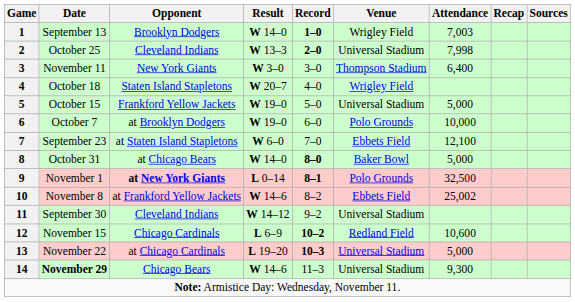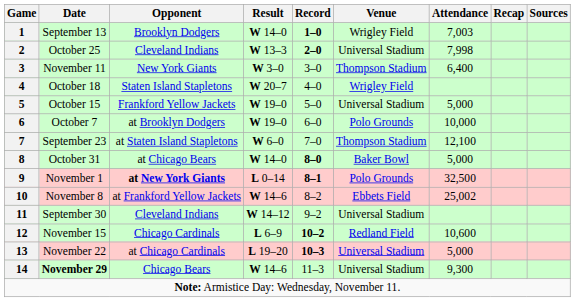 <table class="wikitable" style="text-align:center">
 <tr>
 <th>Game</th>
 <th>Date</th>
 <th>Opponent</th>
 <th>Result</th>
 <th>Record</th>
 <th>Venue</th>
 <th>Attendance</th>
 <th>Recap</th>
 <th>Sources</th>
 </tr>
 <tr style="background:#cfc">
 <th>1</th>
 <td>September 13</td>
 <td><a href='#'>Brooklyn Dodgers</a></td>
 <td><strong>W</strong> 14–0</td>
 <td><strong>1–0</strong></td>
 <td>Wrigley Field</td>
 <td>7,003</td>
 <td></td>
 <td></td>
 </tr>
 <tr style="background:#cfc">
 <th>2</th>
 <td>October 25</td>
 <td><a href='#'>Cleveland Indians</a></td>
 <td><strong>W</strong> 13–3</td>
 <td><strong>2–0</strong></td>
 <td>Universal Stadium</td>
 <td>7,998</td>
 <td></td>
 <td></td>
 </tr>
 <tr style="background:#cfc">
 <th>3</th>
 <td>November 11</td>
 <td><a href='#'>New York Giants</a></td>
 <td><strong>W</strong> 3–0</td>
 <td>3–0</td>
 <td><a href='#'>Thompson Stadium</a></td>
 <td>6,400</td>
 <td></td>
 <td></td>
 </tr>
 <tr style="background:#cfc">
 <th>4</th>
 <td>October 18</td>
 <td><a href='#'>Staten Island Stapletons</a></td>
 <td><strong>W</strong> 20–7</td>
 <td>4–0</td>
 <td><a href='#'>Wrigley Field</a></td>
 <td></td>
 <td></td>
 <td></td>
 </tr>
 <tr style="background:#cfc">
 <th>5</th>
 <td>October 15</td>
 <td><a href='#'>Frankford Yellow Jackets</a></td>
 <td><strong>W</strong> 19–0</td>
 <td>5–0</td>
 <td>Universal Stadium</td>
 <td>5,000</td>
 <td></td>
 <td></td>
 </tr>
 <tr style="background:#cfc">
 <th>6</th>
 <td>October 7</td>
 <td>at <a href='#'>Brooklyn Dodgers</a></td>
 <td><strong>W</strong> 19–0</td>
 <td>6–0</td>
 <td><a href='#'>Polo Grounds</a></td>
 <td>10,000</td>
 <td></td>
 <td></td>
 </tr>
 <tr style="background:#cfc">
 <th>7</th>
 <td>September 23</td>
 <td>at <a href='#'>Staten Island Stapletons</a></td>
 <td><strong>W</strong> 6–0</td>
 <td>7–0</td>
-<td><a href='#'>Ebbets Field</a></td>
+<td><a href='#'>Thompson Stadium</a></td>
 <td>12,100</td>
 <td></td>
 <td></td>
 </tr>
 <tr style="background:#cfc">
 <th>8</th>
 <td>October 31</td>
 <td>at <a href='#'>Chicago Bears</a></td>
 <td><strong>W</strong> 14–0</td>
 <td><strong>8–0</strong></td>
 <td><a href='#'>Baker Bowl</a></td>
 <td>5,000</td>
 <td></td>
 <td></td>
 </tr>
 <tr style="background:#fcc">
 <th>9</th>
 <td>November 1</td>
 <td><strong>at <a href='#'>New York Giants</a></strong></td>
 <td><strong>L</strong> 0–14</td>
 <td><strong>8–1</strong></td>
 <td><a href='#'>Polo Grounds</a></td>
 <td>32,500</td>
 <td></td>
 <td></td>
 </tr>
 <tr style="background:#fcc">
 <th>10</th>
 <td>November 8</td>
 <td>at <a href='#'>Frankford Yellow Jackets</a></td>
 <td><strong>W</strong> 14–6</td>
 <td>8–2</td>
 <td><a href='#'>Ebbets Field</a></td>
 <td>25,002</td>
 <td></td>
 <td></td>
 </tr>
 <tr style="background:#cfc">
 <th>11</th>
 <td>September 30</td>
 <td><a href='#'>Cleveland Indians</a></td>
 <td><strong>W</strong> 14–12</td>
 <td>9–2</td>
 <td>Universal Stadium</td>
 <td></td>
 <td></td>
 <td></td>
 </tr>
 <tr style="background:#cfc">
 <th>12</th>
 <td>November 15</td>
 <td><a href='#'>Chicago Cardinals</a></td>
 <td><strong>L</strong> 6–9</td>
 <td><strong>10–2</strong></td>
 <td><a href='#'>Redland Field</a></td>
 <td>10,600</td>
 <td></td>
 <td></td>
 </tr>
 <tr style="background:#fcc">
 <th>13</th>
 <td>November 22</td>
 <td>at <a href='#'>Chicago Cardinals</a></td>
 <td><strong>L</strong> 19–20</td>
 <td><strong>10–3</strong></td>
 <td><a href='#'>Universal Stadium</a></td>
 <td>5,000</td>
 <td></td>
 <td></td>
 </tr>
 <tr style="background:#cfc">
 <th>14</th>
 <td><strong>November 29</strong></td>
 <td><a href='#'>Chicago Bears</a></td>
 <td><strong>W</strong> 14–6</td>
 <td>11–3</td>
 <td>Universal Stadium</td>
 <td>9,300</td>
 <td></td>
 <td></td>
 </tr>
 <tr>
 <td colspan="10"><strong>Note:</strong> Armistice Day: Wednesday, November 11.</td>
 </tr>
 </table>
